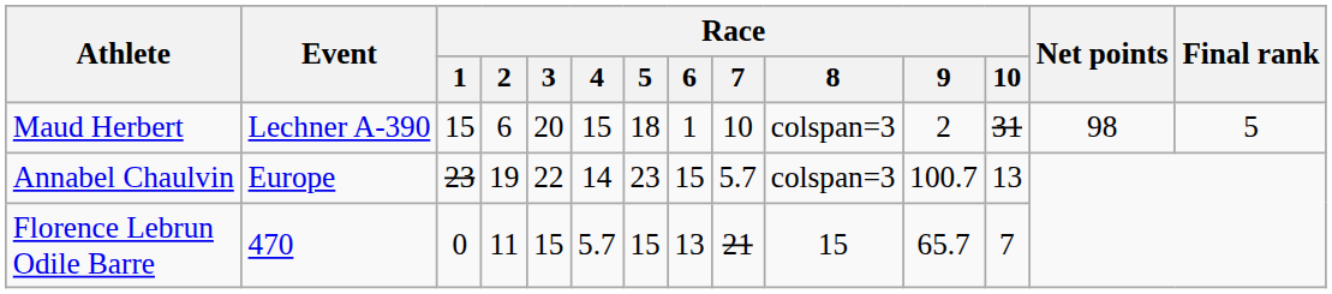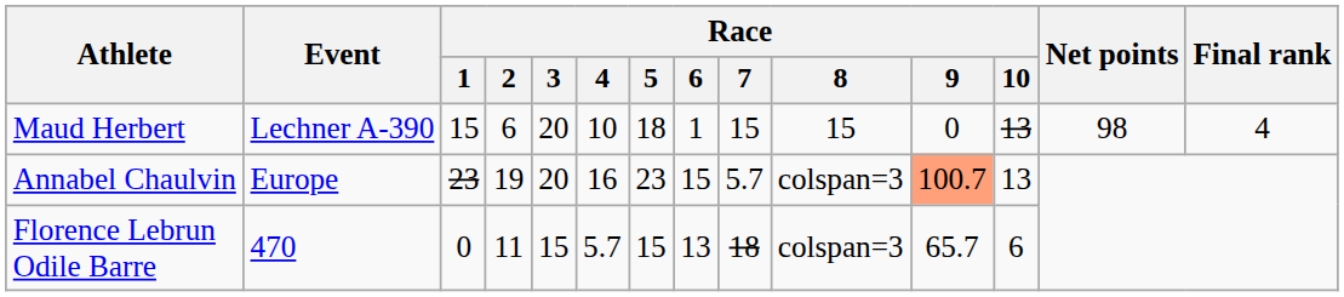 <table class="wikitable" style="font-size:90%">
 <tr>
 <th rowspan=2>Athlete</th>
 <th rowspan=2>Event</th>
 <th colspan=10>Race</th>
 <th rowspan=2>Net points</th>
 <th rowspan=2>Final rank</th>
 </tr>
 <tr style="font-size:95%">
 <th>1</th>
 <th>2</th>
 <th>3</th>
 <th>4</th>
 <th>5</th>
 <th>6</th>
 <th>7</th>
 <th>8</th>
 <th>9</th>
 <th>10</th>
 </tr>
 <tr align=center>
 <td align=left><a href='#'>Maud Herbert</a></td>
 <td align=left><a href='#'>Lechner A-390</a></td>
 <td>15</td>
 <td>6</td>
 <td>20</td>
-<td>15</td>
+<td>10</td>
 <td>18</td>
 <td>1</td>
-<td>10</td>
-<td>colspan=3</td>
-<td>2</td>
-<td><s>31</s></td>
+<td>15</td>
+<td>15</td>
+<td>0</td>
+<td><s>13</s></td>
 <td>98</td>
-<td>5</td>
+<td>4</td>
 </tr>
 <tr align=center>
 <td align=left><a href='#'>Annabel Chaulvin</a></td>
 <td align=left><a href='#'>Europe</a></td>
 <td><s>23</s></td>
 <td>19</td>
-<td>22</td>
-<td>14</td>
+<td>20</td>
+<td>16</td>
 <td>23</td>
 <td>15</td>
 <td>5.7</td>
 <td>colspan=3</td>
-<td>100.7</td>
+<td style="background: lightsalmon;">100.7</td>
 <td>13</td>
 </tr>
 <tr align=center>
 <td align=left><a href='#'>Florence Lebrun</a><br><a href='#'>Odile Barre</a></td>
 <td align=left><a href='#'>470</a></td>
 <td>0</td>
 <td>11</td>
 <td>15</td>
 <td>5.7</td>
 <td>15</td>
 <td>13</td>
-<td><s>21</s></td>
-<td>15</td>
+<td><s>18</s></td>
+<td>colspan=3</td>
 <td>65.7</td>
-<td>7</td>
+<td>6</td>
 </tr>
 </table>
